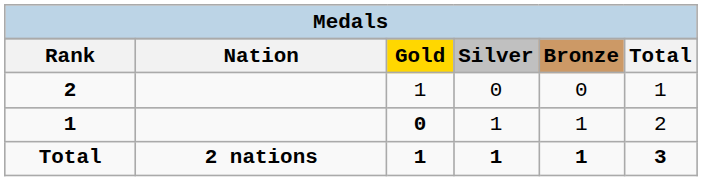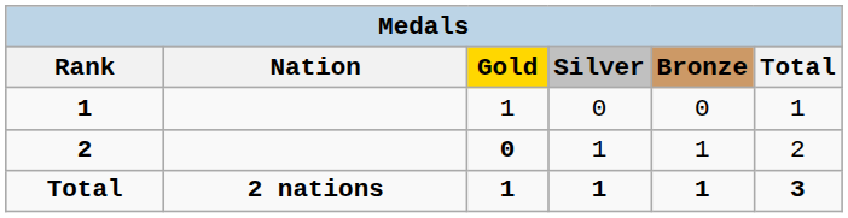 <table class=wikitable style=text-align:center>
 <tr>
 <td colspan=6 style="background:#BCD4E6"><strong>Medals</strong></td>
 </tr>
 <tr>
 </tr>
 <tr style="background-color:#EDEDED;">
 <th width=75px class="hintergrundfarbe5">Rank</th>
 <th width=150px class="hintergrundfarbe6">Nation</th>
 <th width=35px style="background:gold">Gold</th>
 <th width=35px style="background:silver">Silver</th>
 <th width=35px style="background:#CC9966">Bronze</th>
 <th width=35px>Total</th>
 </tr>
 <tr>
-<td><strong>2</strong></td>
+<td><strong>1</strong></td>
 <td style="text-align:left"></td>
 <td>1</td>
 <td>0</td>
 <td>0</td>
 <td>1</td>
 </tr>
 <tr>
-<td><strong>1</strong></td>
+<td><strong>2</strong></td>
 <td style="text-align:left"></td>
 <td><strong>0</strong></td>
 <td>1</td>
 <td>1</td>
 <td>2</td>
 </tr>
 <tr>
 <td><strong>Total</strong></td>
 <td><strong>2 nations</strong></td>
 <td><strong>1</strong></td>
 <td><strong>1</strong></td>
 <td><strong>1</strong></td>
 <td><strong>3</strong></td>
 </tr>
 </table>
